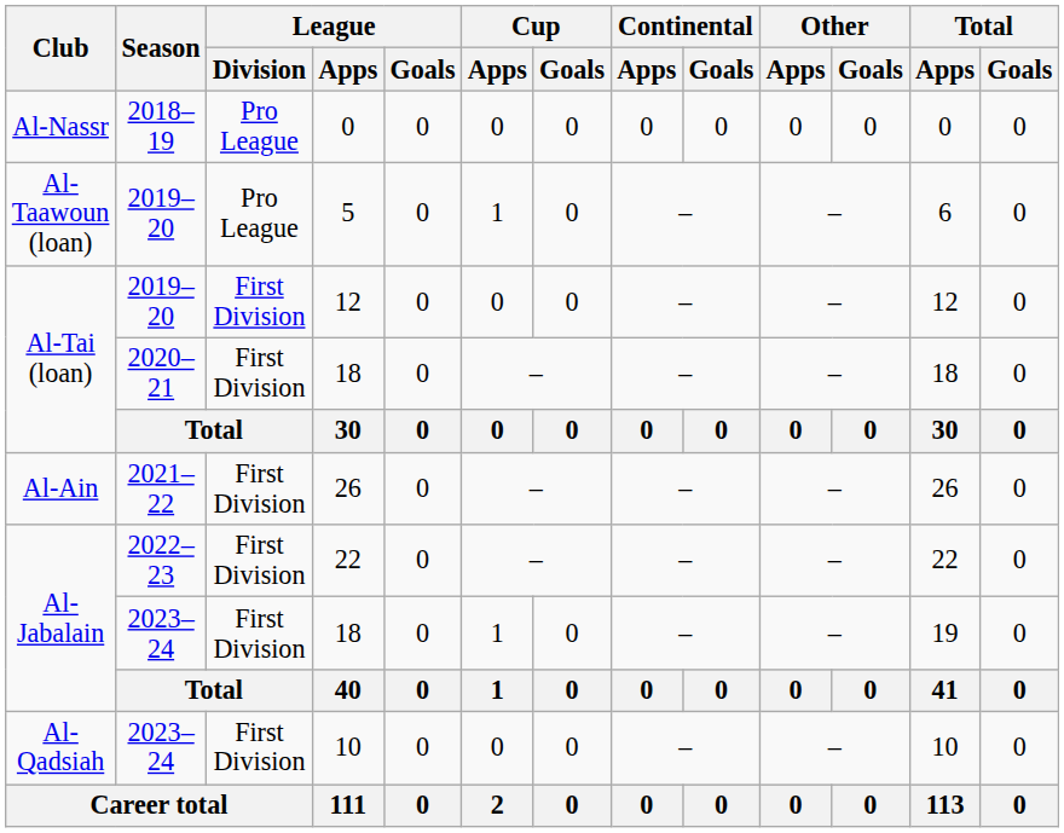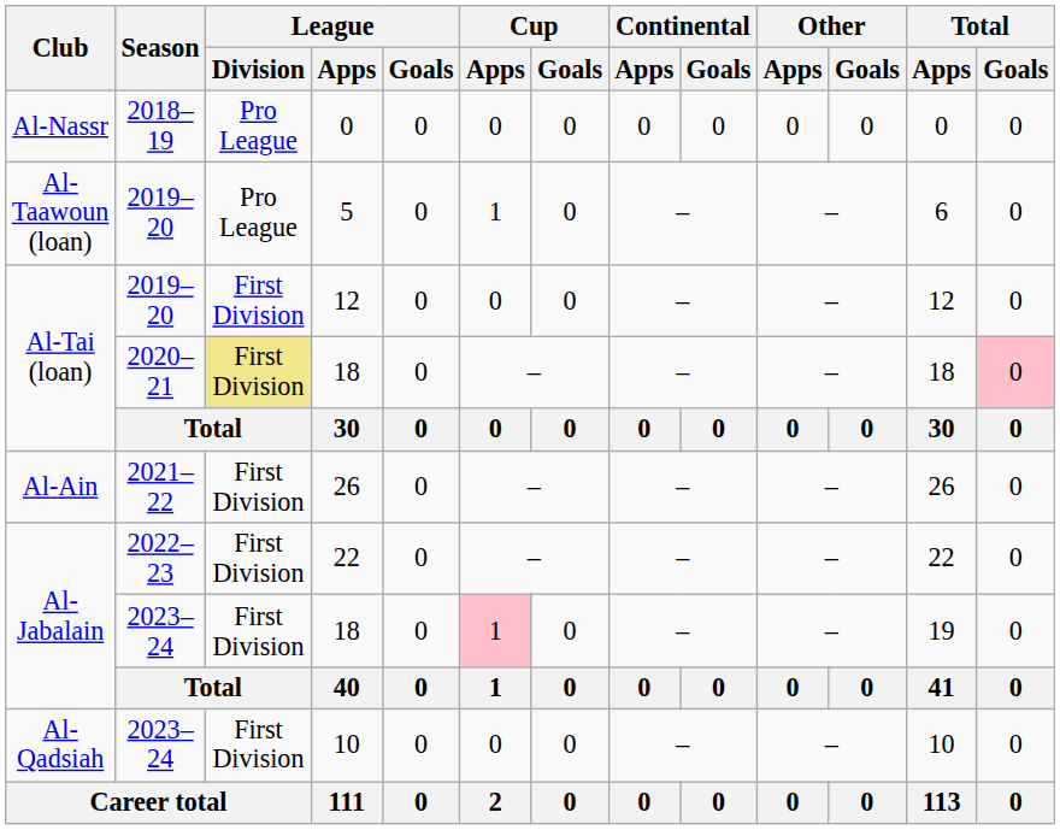 <table class="wikitable" style="text-align: center">
 <tr>
 <th rowspan="2">Club</th>
 <th rowspan="2">Season</th>
 <th colspan="3">League</th>
 <th colspan="2">Cup</th>
 <th colspan="2">Continental</th>
 <th colspan="2">Other</th>
 <th colspan="2">Total</th>
 </tr>
 <tr>
 <th>Division</th>
 <th>Apps</th>
 <th>Goals</th>
 <th>Apps</th>
 <th>Goals</th>
 <th>Apps</th>
 <th>Goals</th>
 <th>Apps</th>
 <th>Goals</th>
 <th>Apps</th>
 <th>Goals</th>
 </tr>
 <tr>
 <td rowspan="1"><a href='#'>Al-Nassr</a></td>
 <td><a href='#'>2018–19</a></td>
 <td><a href='#'>Pro League</a></td>
 <td>0</td>
 <td>0</td>
 <td>0</td>
 <td>0</td>
 <td>0</td>
 <td>0</td>
 <td>0</td>
 <td>0</td>
 <td>0</td>
 <td>0</td>
 </tr>
 <tr>
 <td rowspan="1"><a href='#'>Al-Taawoun</a> (loan)</td>
 <td><a href='#'>2019–20</a></td>
 <td>Pro League</td>
 <td>5</td>
 <td>0</td>
 <td>1</td>
 <td>0</td>
 <td colspan="2">–</td>
 <td colspan="2">–</td>
 <td>6</td>
 <td>0</td>
 </tr>
 <tr>
 <td rowspan="3"><a href='#'>Al-Tai</a> (loan)</td>
 <td><a href='#'>2019–20</a></td>
 <td><a href='#'>First Division</a></td>
 <td>12</td>
 <td>0</td>
 <td>0</td>
 <td>0</td>
 <td colspan="2">–</td>
 <td colspan="2">–</td>
 <td>12</td>
 <td>0</td>
 </tr>
 <tr>
 <td><a href='#'>2020–21</a></td>
-<td>First Division</td>
+<td style="background: khaki;">First Division</td>
 <td>18</td>
 <td>0</td>
 <td colspan="2">–</td>
 <td colspan="2">–</td>
 <td colspan="2">–</td>
 <td>18</td>
-<td>0</td>
+<td style="background: pink;">0</td>
 </tr>
 <tr>
 <th colspan=2>Total</th>
 <th>30</th>
 <th>0</th>
 <th>0</th>
 <th>0</th>
 <th>0</th>
 <th>0</th>
 <th>0</th>
 <th>0</th>
 <th>30</th>
 <th>0</th>
 </tr>
 <tr>
 <td rowspan="1"><a href='#'>Al-Ain</a></td>
 <td><a href='#'>2021–22</a></td>
 <td>First Division</td>
 <td>26</td>
 <td>0</td>
 <td colspan="2">–</td>
 <td colspan="2">–</td>
 <td colspan="2">–</td>
 <td>26</td>
 <td>0</td>
 </tr>
 <tr>
 <td rowspan="3"><a href='#'>Al-Jabalain</a></td>
 <td><a href='#'>2022–23</a></td>
 <td>First Division</td>
 <td>22</td>
 <td>0</td>
 <td colspan="2">–</td>
 <td colspan="2">–</td>
 <td colspan="2">–</td>
 <td>22</td>
 <td>0</td>
 </tr>
 <tr>
 <td><a href='#'>2023–24</a></td>
 <td>First Division</td>
 <td>18</td>
 <td>0</td>
-<td>1</td>
+<td style="background: pink;">1</td>
 <td>0</td>
 <td colspan="2">–</td>
 <td colspan="2">–</td>
 <td>19</td>
 <td>0</td>
 </tr>
 <tr>
 <th colspan=2>Total</th>
 <th>40</th>
 <th>0</th>
 <th>1</th>
 <th>0</th>
 <th>0</th>
 <th>0</th>
 <th>0</th>
 <th>0</th>
 <th>41</th>
 <th>0</th>
 </tr>
 <tr>
 <td rowspan="1"><a href='#'>Al-Qadsiah</a></td>
 <td><a href='#'>2023–24</a></td>
 <td>First Division</td>
 <td>10</td>
 <td>0</td>
 <td>0</td>
 <td>0</td>
 <td colspan="2">–</td>
 <td colspan="2">–</td>
 <td>10</td>
 <td>0</td>
 </tr>
 <tr>
 <th colspan=3>Career total</th>
 <th>111</th>
 <th>0</th>
 <th>2</th>
 <th>0</th>
 <th>0</th>
 <th>0</th>
 <th>0</th>
 <th>0</th>
 <th>113</th>
 <th>0</th>
 </tr>
 </table>
